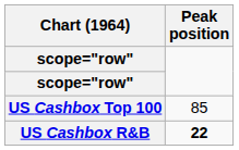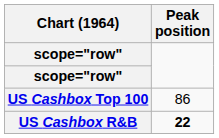 <table class="wikitable sortable plainrowheaders">
 <tr>
 <th scope="col">Chart (1964)</th>
 <th scope="col">Peak<br>position</th>
 </tr>
 <tr>
 <th>scope="row" </th>
 </tr>
 <tr>
 <th>scope="row" </th>
 </tr>
 <tr>
 <th scope="row"><a href='#'>US <em>Cashbox</em> Top 100</a></th>
-<td style="text-align:center;">85</td>
+<td style="text-align:center;">86</td>
 </tr>
 <tr>
 <th scope="row"><a href='#'>US <em>Cashbox</em> R&B</a></th>
 <td style="text-align:center;"><strong>22</strong></td>
 </tr>
 </table>
